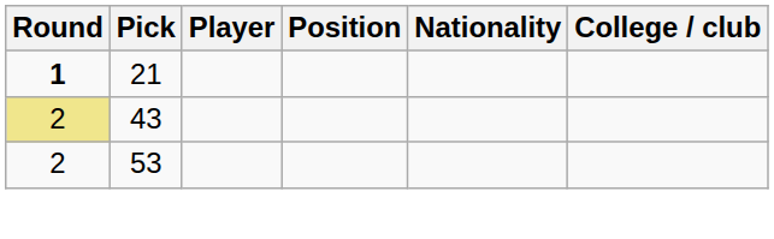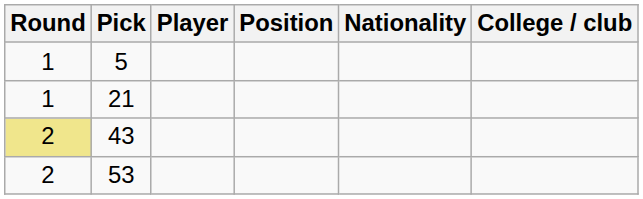 <table class="wikitable sortable sortable">
 <tr>
 <th>Round</th>
 <th>Pick</th>
 <th>Player</th>
 <th>Position</th>
 <th>Nationality</th>
 <th>College / club</th>
 </tr>
 <tr style="text-align: center">
-<td><strong>1</strong></td>
+<td>1</td>
+<td>5</td>
+<td></td>
+<td></td>
+<td></td>
+<td></td>
+</tr>
+<tr style="text-align: center">
+<td>1</td>
 <td>21</td>
 <td></td>
 <td></td>
 <td></td>
 <td></td>
 </tr>
 <tr style="text-align: center">
 <td style="background: khaki;">2</td>
 <td>43</td>
 <td></td>
 <td></td>
 <td></td>
 <td></td>
 </tr>
 <tr style="text-align: center">
 <td>2</td>
 <td>53</td>
 <td></td>
 <td></td>
 <td></td>
 <td></td>
 </tr>
 </table>
